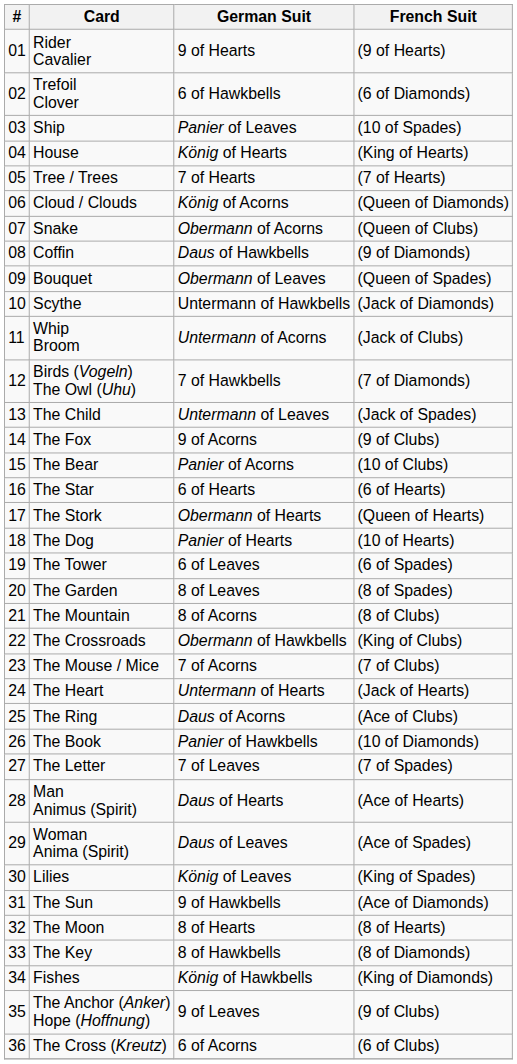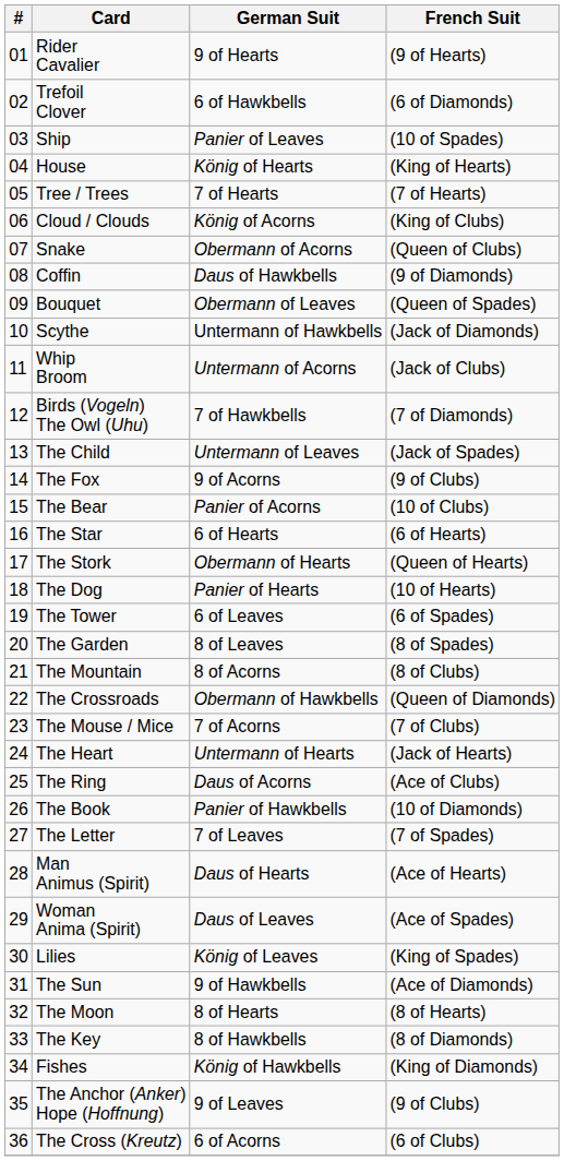 <table class="wikitable">
 <tr>
 <th>#</th>
 <th>Card</th>
 <th>German Suit</th>
 <th>French Suit</th>
 </tr>
 <tr>
 <td>01</td>
 <td>Rider<br>Cavalier</td>
 <td>9 of Hearts</td>
 <td>(9 of Hearts)</td>
 </tr>
 <tr>
 <td>02</td>
 <td>Trefoil<br>Clover</td>
 <td>6 of Hawkbells</td>
 <td>(6 of Diamonds)</td>
 </tr>
 <tr>
 <td>03</td>
 <td>Ship</td>
 <td><em>Panier</em> of Leaves</td>
 <td>(10 of Spades)</td>
 </tr>
 <tr>
 <td>04</td>
 <td>House</td>
 <td><em>König</em> of Hearts</td>
 <td>(King of Hearts)</td>
 </tr>
 <tr>
 <td>05</td>
 <td>Tree / Trees</td>
 <td>7 of Hearts</td>
 <td>(7 of Hearts)</td>
 </tr>
 <tr>
 <td>06</td>
 <td>Cloud / Clouds</td>
 <td><em>König</em> of Acorns</td>
-<td>(Queen of Diamonds)</td>
+<td>(King of Clubs)</td>
 </tr>
 <tr>
 <td>07</td>
 <td>Snake</td>
 <td><em>Obermann</em> of Acorns</td>
 <td>(Queen of Clubs)</td>
 </tr>
 <tr>
 <td>08</td>
 <td>Coffin</td>
 <td><em>Daus</em> of Hawkbells</td>
 <td>(9 of Diamonds)</td>
 </tr>
 <tr>
 <td>09</td>
 <td>Bouquet</td>
 <td><em>Obermann</em> of Leaves</td>
 <td>(Queen of Spades)</td>
 </tr>
 <tr>
 <td>10</td>
 <td>Scythe</td>
 <td>Untermann of Hawkbells</td>
 <td>(Jack of Diamonds)</td>
 </tr>
 <tr>
 <td>11</td>
 <td>Whip<br>Broom</td>
 <td><em>Untermann</em> of Acorns</td>
 <td>(Jack of Clubs)</td>
 </tr>
 <tr>
 <td>12</td>
 <td>Birds (<em>Vogeln</em>)<br>The Owl (<em>Uhu</em>)</td>
 <td>7 of Hawkbells</td>
 <td>(7 of Diamonds)</td>
 </tr>
 <tr>
 <td>13</td>
 <td>The Child</td>
 <td><em>Untermann</em> of Leaves</td>
 <td>(Jack of Spades)</td>
 </tr>
 <tr>
 <td>14</td>
 <td>The Fox</td>
 <td>9 of Acorns</td>
 <td>(9 of Clubs)</td>
 </tr>
 <tr>
 <td>15</td>
 <td>The Bear</td>
 <td><em>Panier</em> of Acorns</td>
 <td>(10 of Clubs)</td>
 </tr>
 <tr>
 <td>16</td>
 <td>The Star</td>
 <td>6 of Hearts</td>
 <td>(6 of Hearts)</td>
 </tr>
 <tr>
 <td>17</td>
 <td>The Stork</td>
 <td><em>Obermann</em> of Hearts</td>
 <td>(Queen of Hearts)</td>
 </tr>
 <tr>
 <td>18</td>
 <td>The Dog</td>
 <td><em>Panier</em> of Hearts</td>
 <td>(10 of Hearts)</td>
 </tr>
 <tr>
 <td>19</td>
 <td>The Tower</td>
 <td>6 of Leaves</td>
 <td>(6 of Spades)</td>
 </tr>
 <tr>
 <td>20</td>
 <td>The Garden</td>
 <td>8 of Leaves</td>
 <td>(8 of Spades)</td>
 </tr>
 <tr>
 <td>21</td>
 <td>The Mountain</td>
 <td>8 of Acorns</td>
 <td>(8 of Clubs)</td>
 </tr>
 <tr>
 <td>22</td>
 <td>The Crossroads</td>
 <td><em>Obermann</em> of Hawkbells</td>
-<td>(King of Clubs)</td>
+<td>(Queen of Diamonds)</td>
 </tr>
 <tr>
 <td>23</td>
 <td>The Mouse / Mice</td>
 <td>7 of Acorns</td>
 <td>(7 of Clubs)</td>
 </tr>
 <tr>
 <td>24</td>
 <td>The Heart</td>
 <td><em>Untermann</em> of Hearts</td>
 <td>(Jack of Hearts)</td>
 </tr>
 <tr>
 <td>25</td>
 <td>The Ring</td>
 <td><em>Daus</em> of Acorns</td>
 <td>(Ace of Clubs)</td>
 </tr>
 <tr>
 <td>26</td>
 <td>The Book</td>
 <td><em>Panier</em> of Hawkbells</td>
 <td>(10 of Diamonds)</td>
 </tr>
 <tr>
 <td>27</td>
 <td>The Letter</td>
 <td>7 of Leaves</td>
 <td>(7 of Spades)</td>
 </tr>
 <tr>
 <td>28</td>
 <td>Man<br>Animus (Spirit)</td>
 <td><em>Daus</em> of Hearts</td>
 <td>(Ace of Hearts)</td>
 </tr>
 <tr>
 <td>29</td>
 <td>Woman<br>Anima (Spirit)</td>
 <td><em>Daus</em> of Leaves</td>
 <td>(Ace of Spades)</td>
 </tr>
 <tr>
 <td>30</td>
 <td>Lilies</td>
 <td><em>König</em> of Leaves</td>
 <td>(King of Spades)</td>
 </tr>
 <tr>
 <td>31</td>
 <td>The Sun</td>
 <td>9 of Hawkbells</td>
 <td>(Ace of Diamonds)</td>
 </tr>
 <tr>
 <td>32</td>
 <td>The Moon</td>
 <td>8 of Hearts</td>
 <td>(8 of Hearts)</td>
 </tr>
 <tr>
 <td>33</td>
 <td>The Key</td>
 <td>8 of Hawkbells</td>
 <td>(8 of Diamonds)</td>
 </tr>
 <tr>
 <td>34</td>
 <td>Fishes</td>
 <td><em>König</em> of Hawkbells</td>
 <td>(King of Diamonds)</td>
 </tr>
 <tr>
 <td>35</td>
 <td>The Anchor (<em>Anker</em>)<br>Hope (<em>Hoffnung</em>)</td>
 <td>9 of Leaves</td>
 <td>(9 of Clubs)</td>
 </tr>
 <tr>
 <td>36</td>
 <td>The Cross (<em>Kreutz</em>)</td>
 <td>6 of Acorns</td>
 <td>(6 of Clubs)</td>
 </tr>
 <tr>
 </tr>
 </table>
